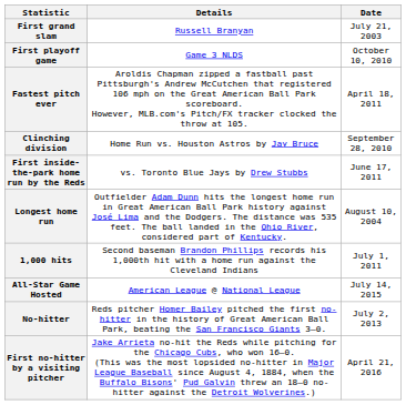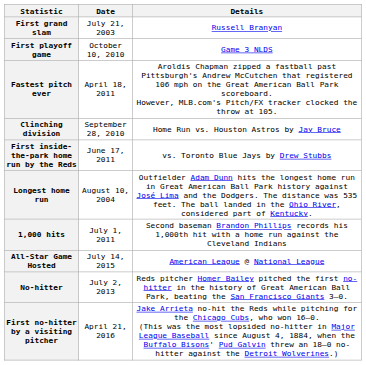 <table class="wikitable" align=center style="margin-left:15px; text-align:center; background:#ffffff;">
 <tr>
 <th>Statistic</th>
+<th>Date</th>
 <th>Details</th>
-<th>Date</th>
 </tr>
 <tr>
 <th>First grand slam</th>
+<td>July 21, 2003</td>
 <td><a href='#'>Russell Branyan</a></td>
-<td>July 21, 2003</td>
 </tr>
 <tr>
 <th>First playoff game</th>
+<td>October 10, 2010</td>
 <td><a href='#'>Game 3 NLDS</a></td>
-<td>October 10, 2010</td>
 </tr>
 <tr>
 <th>Fastest pitch ever</th>
+<td>April 18, 2011</td>
 <td>Aroldis Chapman zipped a fastball past Pittsburgh's Andrew McCutchen that registered 106 mph on the Great American Ball Park scoreboard.<br>However, MLB.com's Pitch/FX tracker clocked the throw at 105.</td>
-<td>April 18, 2011</td>
 </tr>
 <tr>
 <th>Clinching division</th>
+<td>September 28, 2010</td>
 <td>Home Run vs. Houston Astros by <a href='#'>Jay Bruce</a></td>
-<td>September 28, 2010</td>
 </tr>
 <tr>
 <th>First inside-the-park home run by the Reds</th>
+<td>June 17, 2011</td>
 <td>vs. Toronto Blue Jays by <a href='#'>Drew Stubbs</a></td>
-<td>June 17, 2011</td>
 </tr>
 <tr>
 <th>Longest home run</th>
+<td>August 10, 2004</td>
 <td>Outfielder <a href='#'>Adam Dunn</a> hits the longest home run in Great American Ball Park history against <a href='#'>José Lima</a> and the Dodgers. The distance was 535 feet. The ball landed in the <a href='#'>Ohio River</a>, considered part of <a href='#'>Kentucky</a>.</td>
-<td>August 10, 2004</td>
 </tr>
 <tr>
 <th>1,000 hits</th>
+<td>July 1, 2011</td>
 <td>Second baseman <a href='#'>Brandon Phillips</a> records his 1,000th hit with a home run against the Cleveland Indians</td>
-<td>July 1, 2011</td>
 </tr>
 <tr>
 <th>All-Star Game Hosted</th>
+<td>July 14, 2015</td>
 <td><a href='#'>American League</a> @ <a href='#'>National League</a></td>
-<td>July 14, 2015</td>
 </tr>
 <tr>
 <th>No-hitter</th>
+<td>July 2, 2013</td>
 <td>Reds pitcher <a href='#'>Homer Bailey</a> pitched the first <a href='#'>no-hitter</a> in the history of Great American Ball Park, beating the <a href='#'>San Francisco Giants</a> 3–0.</td>
-<td>July 2, 2013</td>
 </tr>
 <tr>
 <th>First no-hitter by a visiting pitcher</th>
+<td>April 21, 2016</td>
 <td><a href='#'>Jake Arrieta</a> no-hit the Reds while pitching for the <a href='#'>Chicago Cubs</a>, who won 16–0.<br>(This was the most lopsided no-hitter in <a href='#'>Major League Baseball</a> since August 4, 1884, when the <a href='#'>Buffalo Bisons</a>' <a href='#'>Pud Galvin</a> threw an 18–0 no-hitter against the <a href='#'>Detroit Wolverines</a>.)</td>
-<td>April 21, 2016</td>
 </tr>
 </table>
